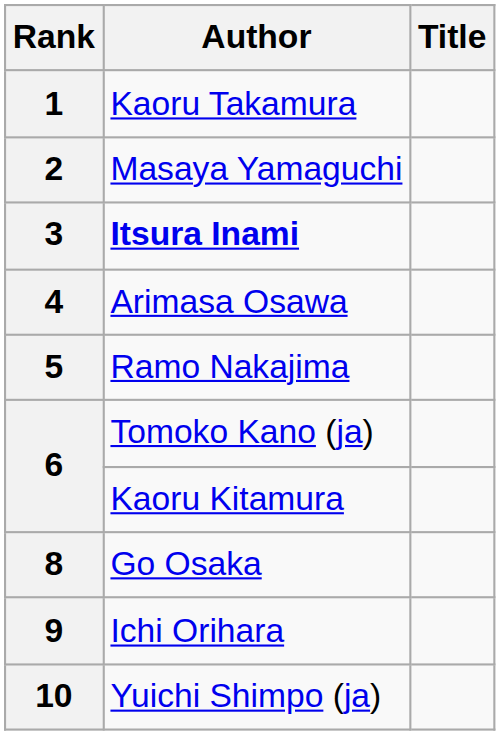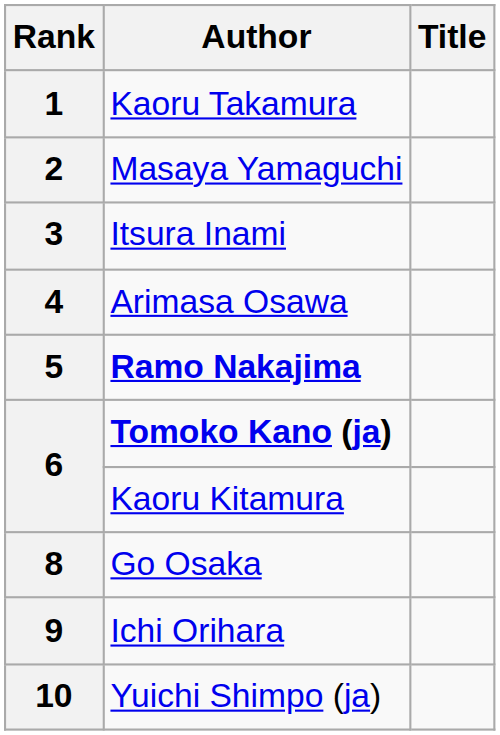 <table class="wikitable sortable" style="font-size:1.00em; line-height:1.5em;">
 <tr>
 <th>Rank</th>
 <th>Author</th>
 <th>Title</th>
 </tr>
 <tr>
 <th>1</th>
 <td><a href='#'>Kaoru Takamura</a></td>
 <td></td>
 </tr>
 <tr>
 <th>2</th>
 <td><a href='#'>Masaya Yamaguchi</a></td>
 <td></td>
 </tr>
 <tr>
 <th>3</th>
-<td><strong><a href='#'>Itsura Inami</a></strong></td>
+<td><a href='#'>Itsura Inami</a></td>
 <td></td>
 </tr>
 <tr>
 <th>4</th>
 <td><a href='#'>Arimasa Osawa</a></td>
 <td></td>
 </tr>
 <tr>
 <th>5</th>
-<td><a href='#'>Ramo Nakajima</a></td>
+<td><strong><a href='#'>Ramo Nakajima</a></strong></td>
 <td></td>
 </tr>
 <tr>
 <th rowspan="2">6</th>
-<td><a href='#'>Tomoko Kano</a> (<a href='#'>ja</a>)</td>
+<td><strong><a href='#'>Tomoko Kano</a> (<a href='#'>ja</a>)</strong></td>
 <td></td>
 </tr>
 <tr>
 <td><a href='#'>Kaoru Kitamura</a></td>
 <td></td>
 </tr>
 <tr>
 <th>8</th>
 <td><a href='#'>Go Osaka</a></td>
 <td></td>
 </tr>
 <tr>
 <th>9</th>
 <td><a href='#'>Ichi Orihara</a></td>
 <td></td>
 </tr>
 <tr>
 <th>10</th>
 <td><a href='#'>Yuichi Shimpo</a> (<a href='#'>ja</a>)</td>
 <td></td>
 </tr>
 </table>
